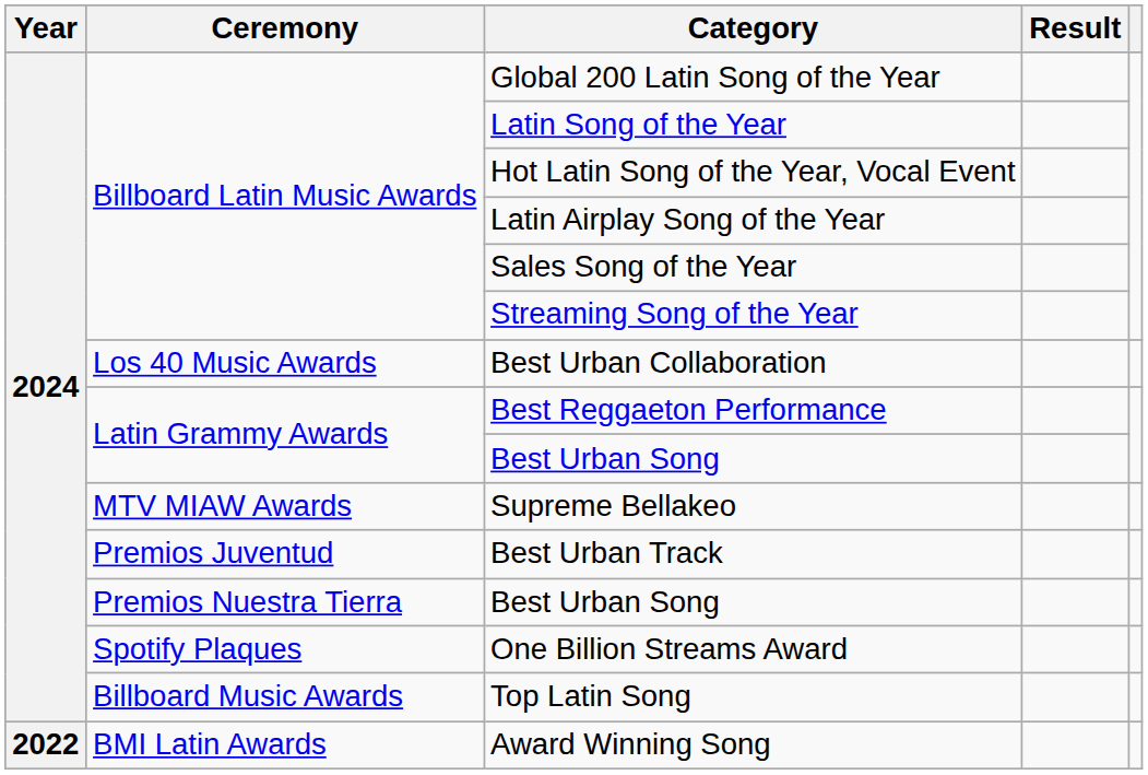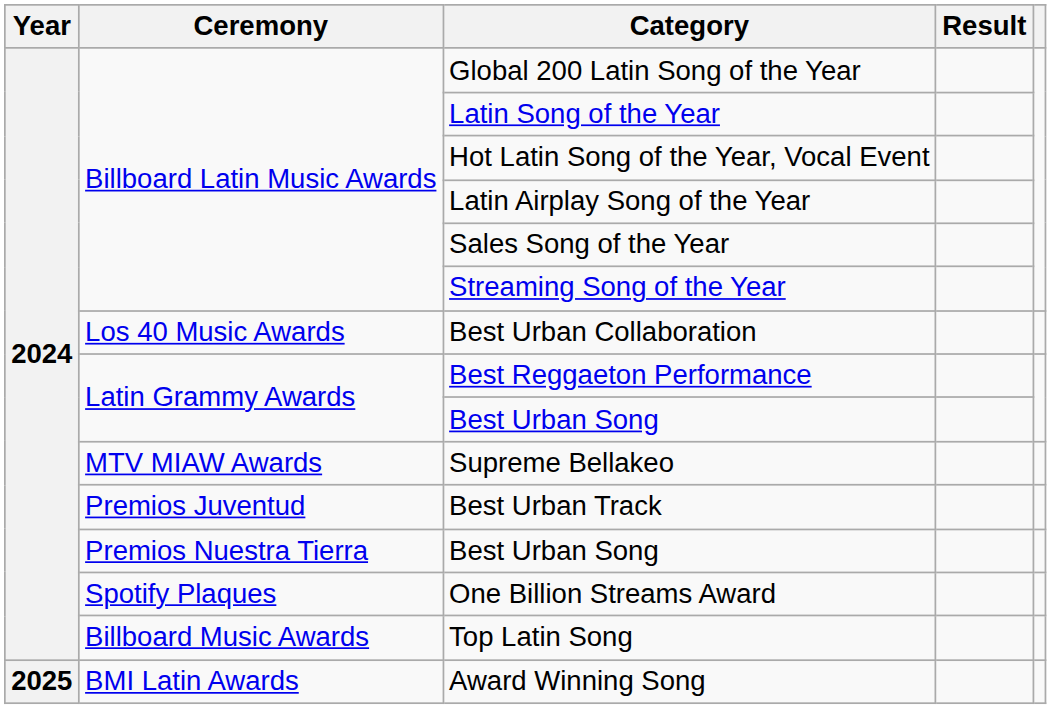 <table class="wikitable plainrowheaders">
 <tr>
 <th scope="col">Year</th>
 <th scope="col">Ceremony</th>
 <th scope="col">Category</th>
 <th scope="col">Result</th>
 <th></th>
 </tr>
 <tr>
 <th rowspan="14" scope="row">2024</th>
 <td rowspan="6" scope="row"><a href='#'>Billboard Latin Music Awards</a></td>
 <td>Global 200 Latin Song of the Year</td>
 <td></td>
 <td rowspan="6" style="text-align:center;"></td>
 </tr>
 <tr>
 <td><a href='#'>Latin Song of the Year</a></td>
 <td></td>
 </tr>
 <tr>
 <td>Hot Latin Song of the Year, Vocal Event</td>
 <td></td>
 </tr>
 <tr>
 <td>Latin Airplay Song of the Year</td>
 <td></td>
 </tr>
 <tr>
 <td>Sales Song of the Year</td>
 <td></td>
 </tr>
 <tr>
 <td><a href='#'>Streaming Song of the Year</a></td>
 <td></td>
 </tr>
 <tr>
 <td><a href='#'>Los 40 Music Awards</a></td>
 <td>Best Urban Collaboration</td>
 <td></td>
 <td style="text-align:center;"></td>
 </tr>
 <tr>
 <td rowspan="2"><a href='#'>Latin Grammy Awards</a></td>
 <td><a href='#'>Best Reggaeton Performance</a></td>
 <td></td>
 <td rowspan="2" style="text-align:center;"></td>
 </tr>
 <tr>
 <td><a href='#'>Best Urban Song</a></td>
 <td></td>
 </tr>
 <tr>
 <td><a href='#'>MTV MIAW Awards</a></td>
 <td>Supreme Bellakeo</td>
 <td></td>
 <td style="text-align:center;"></td>
 </tr>
 <tr>
 <td><a href='#'>Premios Juventud</a></td>
 <td>Best Urban Track</td>
 <td></td>
 <td style="text-align:center;"></td>
 </tr>
 <tr>
 <td><a href='#'>Premios Nuestra Tierra</a></td>
 <td>Best Urban Song</td>
 <td></td>
 <td style="text-align:center;"></td>
 </tr>
 <tr>
 <td><a href='#'>Spotify Plaques</a></td>
 <td>One Billion Streams Award</td>
 <td></td>
 <td style="text-align:center;"></td>
 </tr>
 <tr>
 <td><a href='#'>Billboard Music Awards</a></td>
 <td>Top Latin Song</td>
 <td></td>
 <td style="text-align:center;"><br></td>
 </tr>
 <tr>
-<th rowspan="1" scope="row">2022</th>
+<th rowspan="1" scope="row">2025</th>
 <td><a href='#'>BMI Latin Awards</a></td>
 <td>Award Winning Song</td>
 <td></td>
 <td style="text-align:center;"></td>
 </tr>
 </table>
